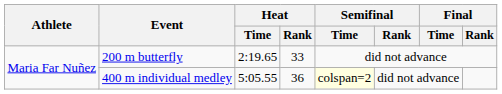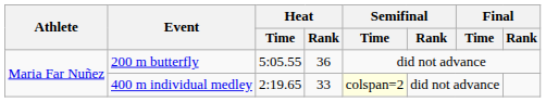 <table class=wikitable style="font-size:90%">
 <tr>
 <th rowspan="2">Athlete</th>
 <th rowspan="2">Event</th>
 <th colspan="2">Heat</th>
 <th colspan="2">Semifinal</th>
 <th colspan="2">Final</th>
 </tr>
 <tr style="font-size:95%">
 <th>Time</th>
 <th>Rank</th>
 <th>Time</th>
 <th>Rank</th>
 <th>Time</th>
 <th>Rank</th>
 </tr>
 <tr align=center>
 <td align=left rowspan=2><a href='#'>Maria Far Nuñez</a></td>
 <td align=left><a href='#'>200 m butterfly</a></td>
-<td>2:19.65</td>
-<td>33</td>
+<td>5:05.55</td>
+<td>36</td>
 <td colspan=4>did not advance</td>
 </tr>
 <tr align=center>
 <td align=left><a href='#'>400 m individual medley</a></td>
-<td>5:05.55</td>
-<td>36</td>
+<td>2:19.65</td>
+<td>33</td>
 <td style="background: lightyellow;">colspan=2 </td>
 <td colspan=2>did not advance</td>
 </tr>
 </table>
